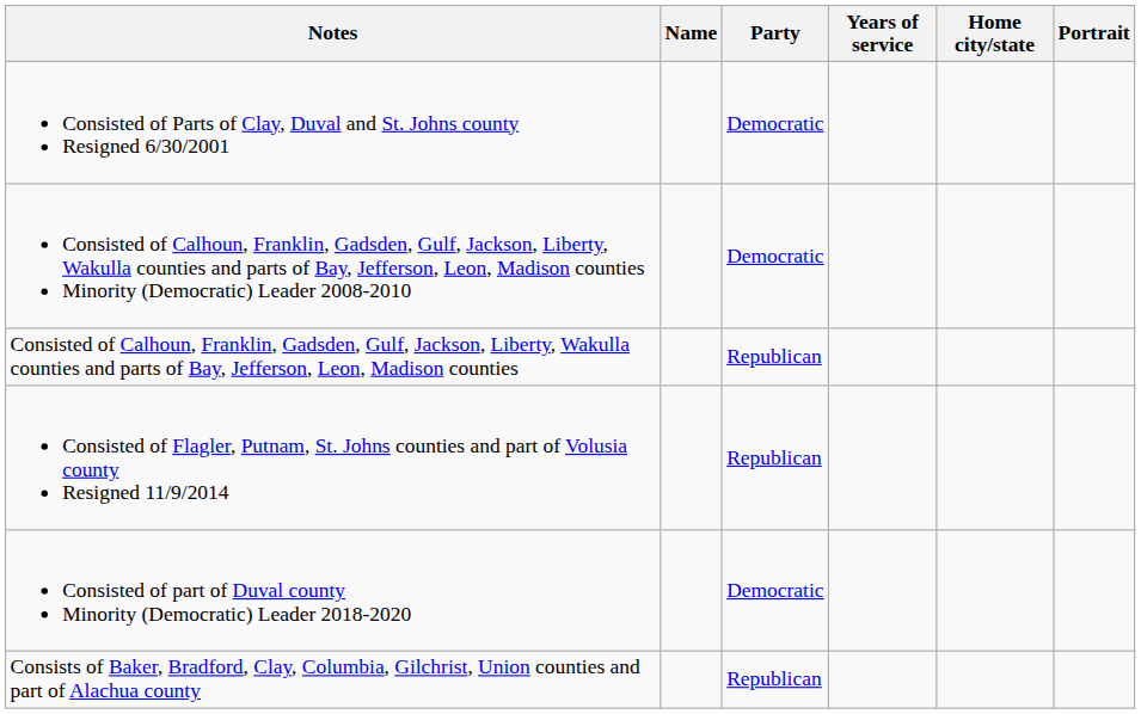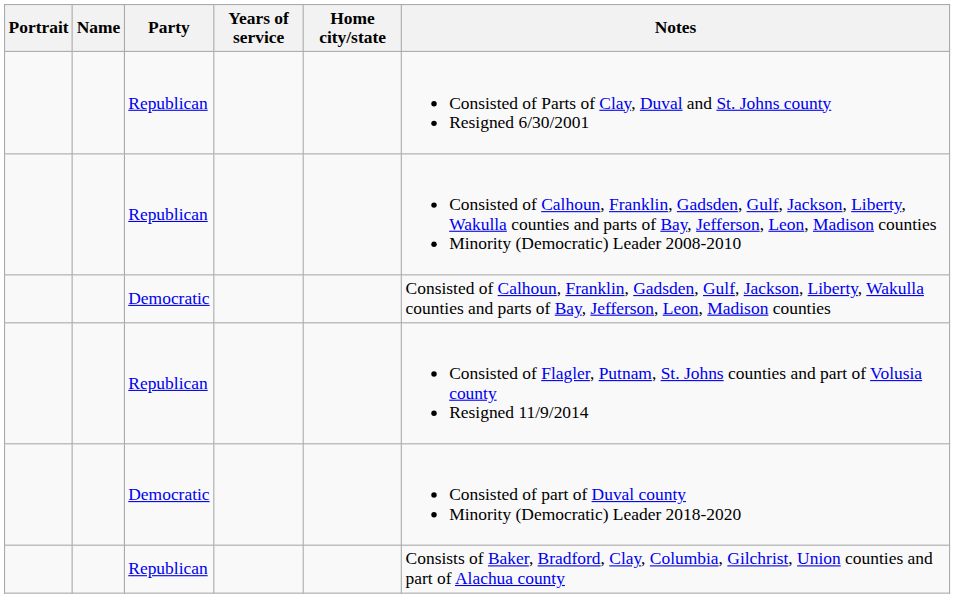 <table class="wikitable sortable">
 <tr>
-<th>Notes</th>
+<th>Portrait</th>
 <th>Name</th>
 <th>Party</th>
 <th>Years of service</th>
 <th>Home city/state</th>
-<th>Portrait</th>
+<th>Notes</th>
 </tr>
 <tr>
+<td></td>
+<td></td>
+<td><a href='#'>Republican</a></td>
+<td></td>
+<td></td>
 <td><br><ul><li>Consisted of Parts of <a href='#'>Clay</a>, <a href='#'>Duval</a> and <a href='#'>St. Johns county</a></li><li>Resigned 6/30/2001</li></ul></td>
+</tr>
+<tr>
+<td></td>
+<td></td>
+<td><a href='#'>Republican</a></td>
+<td></td>
+<td></td>
+<td><br><ul><li>Consisted of <a href='#'>Calhoun</a>, <a href='#'>Franklin</a>, <a href='#'>Gadsden</a>, <a href='#'>Gulf</a>, <a href='#'>Jackson</a>, <a href='#'>Liberty</a>, <a href='#'>Wakulla</a> counties and parts of <a href='#'>Bay</a>, <a href='#'>Jefferson</a>, <a href='#'>Leon</a>, <a href='#'>Madison</a> counties</li><li>Minority (Democratic) Leader 2008-2010</li></ul></td>
+</tr>
+<tr>
+<td></td>
 <td></td>
 <td><a href='#'>Democratic</a></td>
 <td></td>
 <td></td>
-<td></td>
+<td>Consisted of <a href='#'>Calhoun</a>, <a href='#'>Franklin</a>, <a href='#'>Gadsden</a>, <a href='#'>Gulf</a>, <a href='#'>Jackson</a>, <a href='#'>Liberty</a>, <a href='#'>Wakulla</a> counties and parts of <a href='#'>Bay</a>, <a href='#'>Jefferson</a>, <a href='#'>Leon</a>, <a href='#'>Madison</a> counties</td>
 </tr>
 <tr>
-<td><br><ul><li>Consisted of <a href='#'>Calhoun</a>, <a href='#'>Franklin</a>, <a href='#'>Gadsden</a>, <a href='#'>Gulf</a>, <a href='#'>Jackson</a>, <a href='#'>Liberty</a>, <a href='#'>Wakulla</a> counties and parts of <a href='#'>Bay</a>, <a href='#'>Jefferson</a>, <a href='#'>Leon</a>, <a href='#'>Madison</a> counties</li><li>Minority (Democratic) Leader 2008-2010</li></ul></td>
+<td></td>
+<td></td>
+<td><a href='#'>Republican</a></td>
+<td></td>
+<td></td>
+<td><br><ul><li>Consisted of <a href='#'>Flagler</a>, <a href='#'>Putnam</a>, <a href='#'>St. Johns</a> counties and part of <a href='#'>Volusia county</a></li><li>Resigned 11/9/2014</li></ul></td>
+</tr>
+<tr>
+<td></td>
 <td></td>
 <td><a href='#'>Democratic</a></td>
 <td></td>
 <td></td>
-<td></td>
+<td><br><ul><li>Consisted of part of <a href='#'>Duval county</a></li><li>Minority (Democratic) Leader 2018-2020</li></ul></td>
 </tr>
 <tr>
-<td>Consisted of <a href='#'>Calhoun</a>, <a href='#'>Franklin</a>, <a href='#'>Gadsden</a>, <a href='#'>Gulf</a>, <a href='#'>Jackson</a>, <a href='#'>Liberty</a>, <a href='#'>Wakulla</a> counties and parts of <a href='#'>Bay</a>, <a href='#'>Jefferson</a>, <a href='#'>Leon</a>, <a href='#'>Madison</a> counties</td>
+<td></td>
 <td></td>
 <td><a href='#'>Republican</a></td>
 <td></td>
 <td></td>
-<td></td>
-</tr>
-<tr>
-<td><br><ul><li>Consisted of <a href='#'>Flagler</a>, <a href='#'>Putnam</a>, <a href='#'>St. Johns</a> counties and part of <a href='#'>Volusia county</a></li><li>Resigned 11/9/2014</li></ul></td>
-<td></td>
-<td><a href='#'>Republican</a></td>
-<td></td>
-<td></td>
-<td></td>
-</tr>
-<tr>
-<td><br><ul><li>Consisted of part of <a href='#'>Duval county</a></li><li>Minority (Democratic) Leader 2018-2020</li></ul></td>
-<td></td>
-<td><a href='#'>Democratic</a></td>
-<td></td>
-<td></td>
-<td></td>
-</tr>
-<tr>
 <td>Consists of <a href='#'>Baker</a>, <a href='#'>Bradford</a>, <a href='#'>Clay</a>, <a href='#'>Columbia</a>, <a href='#'>Gilchrist</a>, <a href='#'>Union</a> counties and part of <a href='#'>Alachua county</a></td>
-<td></td>
-<td><a href='#'>Republican</a></td>
-<td></td>
-<td></td>
-<td></td>
 </tr>
 </table>
